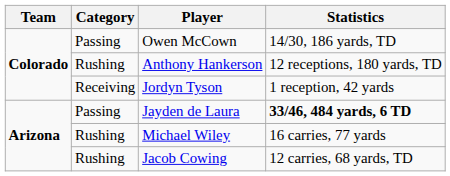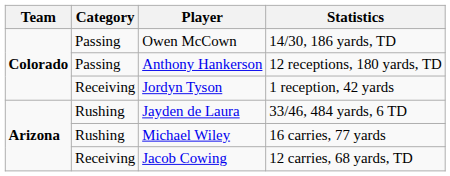 <table class="wikitable" style="float: right;">
 <tr>
 <th>Team</th>
 <th>Category</th>
 <th>Player</th>
 <th>Statistics</th>
 </tr>
 <tr>
 <td rowspan=3><strong>Colorado</strong></td>
 <td>Passing</td>
 <td>Owen McCown</td>
 <td>14/30, 186 yards, TD</td>
 </tr>
 <tr>
-<td>Rushing</td>
+<td>Passing</td>
 <td><a href='#'>Anthony Hankerson</a></td>
 <td>12 receptions, 180 yards, TD</td>
 </tr>
 <tr>
 <td>Receiving</td>
 <td><a href='#'>Jordyn Tyson</a></td>
 <td>1 reception, 42 yards</td>
 </tr>
 <tr>
 <td rowspan=3><strong>Arizona</strong></td>
-<td>Passing</td>
+<td>Rushing</td>
 <td><a href='#'>Jayden de Laura</a></td>
-<td><strong>33/46, 484 yards, 6 TD</strong></td>
+<td>33/46, 484 yards, 6 TD</td>
 </tr>
 <tr>
 <td>Rushing</td>
 <td><a href='#'>Michael Wiley</a></td>
 <td>16 carries, 77 yards</td>
 </tr>
 <tr>
-<td>Rushing</td>
+<td>Receiving</td>
 <td><a href='#'>Jacob Cowing</a></td>
 <td>12 carries, 68 yards, TD</td>
 </tr>
 </table>
